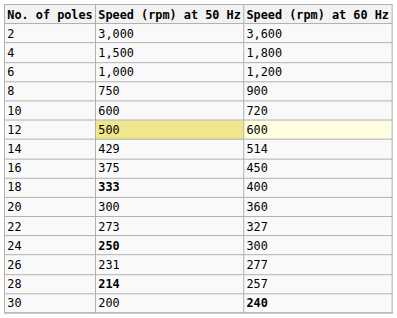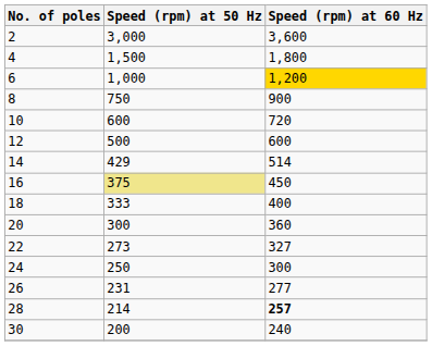 <table class="wikitable">
 <tr>
 <th>No. of poles</th>
 <th>Speed (rpm) at 50 Hz</th>
 <th>Speed (rpm) at 60 Hz</th>
 </tr>
 <tr>
 <td>2</td>
 <td>3,000</td>
 <td>3,600</td>
 </tr>
 <tr>
 <td>4</td>
 <td>1,500</td>
 <td>1,800</td>
 </tr>
 <tr>
 <td>6</td>
 <td>1,000</td>
-<td>1,200</td>
+<td style="background: gold;">1,200</td>
 </tr>
 <tr>
 <td>8</td>
 <td>750</td>
 <td>900</td>
 </tr>
 <tr>
 <td>10</td>
 <td>600</td>
 <td>720</td>
 </tr>
 <tr>
 <td>12</td>
-<td style="background: khaki;">500</td>
-<td style="background: lightyellow;">600</td>
+<td>500</td>
+<td>600</td>
 </tr>
 <tr>
 <td>14</td>
 <td>429</td>
 <td>514</td>
 </tr>
 <tr>
 <td>16</td>
-<td>375</td>
+<td style="background: khaki;">375</td>
 <td>450</td>
 </tr>
 <tr>
 <td>18</td>
-<td><strong>333</strong></td>
+<td>333</td>
 <td>400</td>
 </tr>
 <tr>
 <td>20</td>
 <td>300</td>
 <td>360</td>
 </tr>
 <tr>
 <td>22</td>
 <td>273</td>
 <td>327</td>
 </tr>
 <tr>
 <td>24</td>
-<td><strong>250</strong></td>
+<td>250</td>
 <td>300</td>
 </tr>
 <tr>
 <td>26</td>
 <td>231</td>
 <td>277</td>
 </tr>
 <tr>
 <td>28</td>
-<td><strong>214</strong></td>
-<td>257</td>
+<td>214</td>
+<td><strong>257</strong></td>
 </tr>
 <tr>
 <td>30</td>
 <td>200</td>
-<td><strong>240</strong></td>
+<td>240</td>
 </tr>
 <tr>
 </tr>
 </table>
